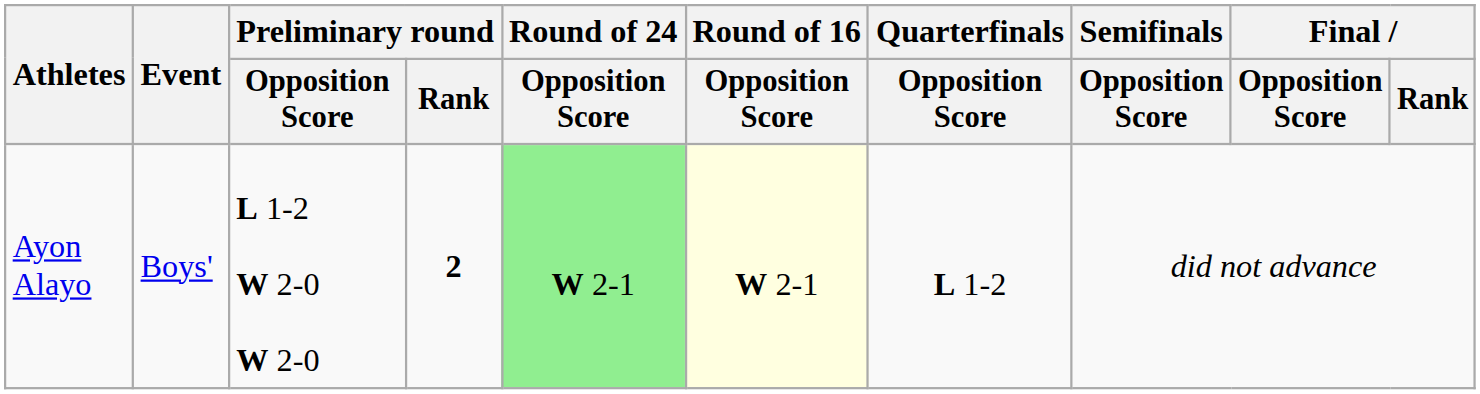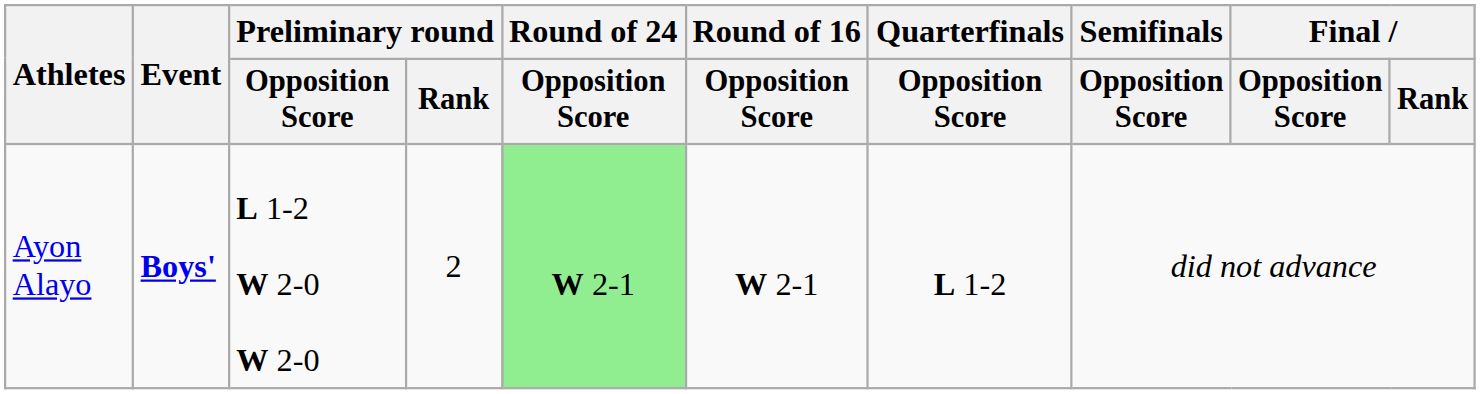 <table class=wikitable style="font-size:90%">
 <tr>
 <th rowspan=2>Athletes</th>
 <th rowspan=2>Event</th>
 <th colspan=2>Preliminary round</th>
 <th>Round of 24</th>
 <th>Round of 16</th>
 <th>Quarterfinals</th>
 <th>Semifinals</th>
 <th colspan=2>Final / </th>
 </tr>
 <tr style="font-size:95%">
 <th>Opposition<br>Score</th>
 <th>Rank</th>
 <th>Opposition<br>Score</th>
 <th>Opposition<br>Score</th>
 <th>Opposition<br>Score</th>
 <th>Opposition<br>Score</th>
 <th>Opposition<br>Score</th>
 <th>Rank</th>
 </tr>
 <tr align=center>
 <td align=left><a href='#'>Ayon</a><br><a href='#'>Alayo</a></td>
-<td align=left><a href='#'>Boys'</a></td>
+<td align=left><strong><a href='#'>Boys'</a></strong></td>
 <td align=left><br> <strong>L</strong> 1-2 <br><br> <strong>W</strong> 2-0 <br><br> <strong>W</strong> 2-0 <br></td>
-<td><strong>2</strong></td>
+<td>2</td>
 <td style="background: lightgreen;"><br> <strong>W</strong> 2-1</td>
-<td style="background: lightyellow;"><br> <strong>W</strong> 2-1</td>
+<td><br> <strong>W</strong> 2-1</td>
 <td><br> <strong>L</strong> 1-2</td>
 <td Colspan=4><em>did not advance</em></td>
 </tr>
 </table>
